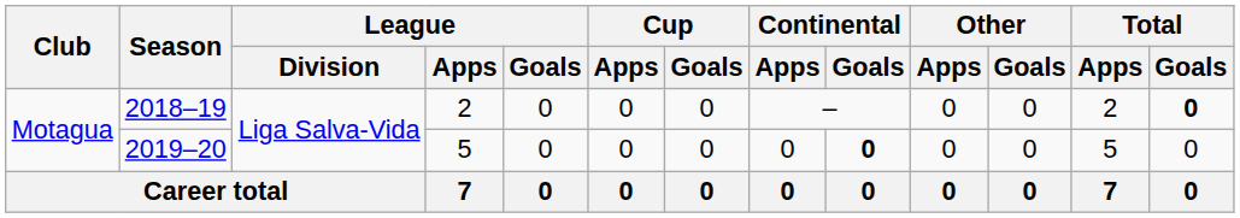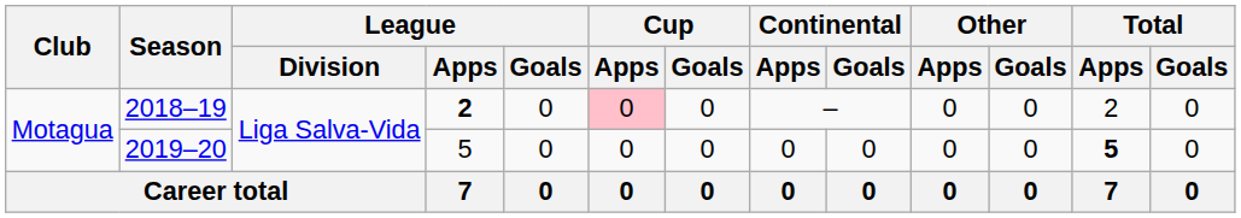 <table class="wikitable" style="text-align: center">
 <tr>
 <th rowspan="2">Club</th>
 <th rowspan="2">Season</th>
 <th colspan="3">League</th>
 <th colspan="2">Cup</th>
 <th colspan="2">Continental</th>
 <th colspan="2">Other</th>
 <th colspan="2">Total</th>
 </tr>
 <tr>
 <th>Division</th>
 <th>Apps</th>
 <th>Goals</th>
 <th>Apps</th>
 <th>Goals</th>
 <th>Apps</th>
 <th>Goals</th>
 <th>Apps</th>
 <th>Goals</th>
 <th>Apps</th>
 <th>Goals</th>
 </tr>
 <tr>
 <td rowspan="2"><a href='#'>Motagua</a></td>
 <td><a href='#'>2018–19</a></td>
 <td rowspan="2"><a href='#'>Liga Salva-Vida</a></td>
-<td>2</td>
+<td><strong>2</strong></td>
 <td>0</td>
-<td>0</td>
+<td style="background: pink;">0</td>
 <td>0</td>
 <td colspan="2">–</td>
 <td>0</td>
 <td>0</td>
 <td>2</td>
-<td><strong>0</strong></td>
+<td>0</td>
 </tr>
 <tr>
 <td><a href='#'>2019–20</a></td>
 <td>5</td>
 <td>0</td>
 <td>0</td>
 <td>0</td>
 <td>0</td>
-<td><strong>0</strong></td>
 <td>0</td>
 <td>0</td>
-<td>5</td>
+<td>0</td>
+<td><strong>5</strong></td>
 <td>0</td>
 </tr>
 <tr>
 <th colspan=3>Career total</th>
 <th>7</th>
 <th>0</th>
 <th>0</th>
 <th>0</th>
 <th>0</th>
 <th>0</th>
 <th>0</th>
 <th>0</th>
 <th>7</th>
 <th>0</th>
 </tr>
 </table>
